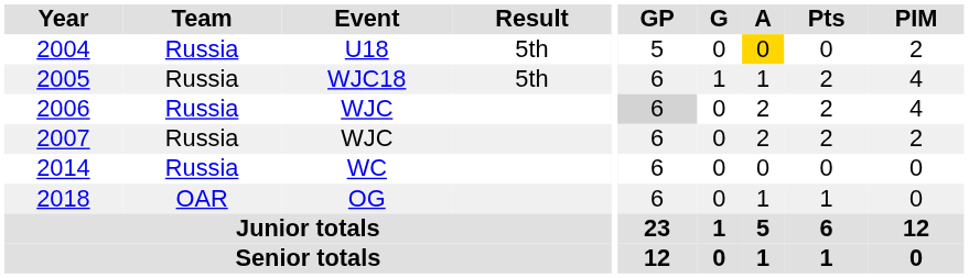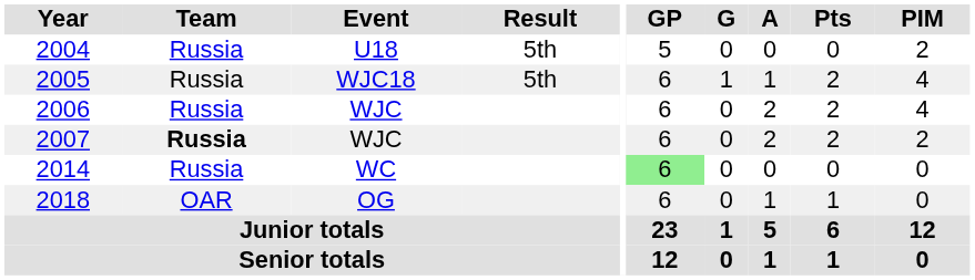 <table border="0" cellpadding="1" cellspacing="0" ID="Table3" style="text-align:center; width:40em">
 <tr ALIGN="center" bgcolor="#e0e0e0">
 <th>Year</th>
 <th>Team</th>
 <th>Event</th>
 <th>Result</th>
 <th rowspan="99" bgcolor="#ffffff"></th>
 <th>GP</th>
 <th>G</th>
 <th>A</th>
 <th>Pts</th>
 <th>PIM</th>
 </tr>
 <tr>
 <td><a href='#'>2004</a></td>
 <td><a href='#'>Russia</a></td>
 <td><a href='#'>U18</a></td>
 <td>5th</td>
 <td>5</td>
 <td>0</td>
-<td style="background: gold;">0</td>
+<td>0</td>
 <td>0</td>
 <td>2</td>
 </tr>
 <tr bgcolor="#f0f0f0">
 <td><a href='#'>2005</a></td>
 <td>Russia</td>
 <td><a href='#'>WJC18</a></td>
 <td>5th</td>
 <td>6</td>
 <td>1</td>
 <td>1</td>
 <td>2</td>
 <td>4</td>
 </tr>
 <tr>
 <td><a href='#'>2006</a></td>
 <td><a href='#'>Russia</a></td>
 <td><a href='#'>WJC</a></td>
 <td></td>
-<td style="background: lightgrey;">6</td>
+<td>6</td>
 <td>0</td>
 <td>2</td>
 <td>2</td>
 <td>4</td>
 </tr>
 <tr bgcolor="#f0f0f0">
 <td><a href='#'>2007</a></td>
-<td>Russia</td>
+<td><strong>Russia</strong></td>
 <td>WJC</td>
 <td></td>
 <td>6</td>
 <td>0</td>
 <td>2</td>
 <td>2</td>
 <td>2</td>
 </tr>
 <tr>
 <td><a href='#'>2014</a></td>
 <td><a href='#'>Russia</a></td>
 <td><a href='#'>WC</a></td>
 <td></td>
-<td>6</td>
+<td style="background: lightgreen;">6</td>
 <td>0</td>
 <td>0</td>
 <td>0</td>
 <td>0</td>
 </tr>
 <tr bgcolor="#f0f0f0">
 <td><a href='#'>2018</a></td>
 <td><a href='#'>OAR</a></td>
 <td><a href='#'>OG</a></td>
 <td></td>
 <td>6</td>
 <td>0</td>
 <td>1</td>
 <td>1</td>
 <td>0</td>
 </tr>
 <tr bgcolor="#e0e0e0">
 <th colspan="4">Junior totals</th>
 <th>23</th>
 <th>1</th>
 <th>5</th>
 <th>6</th>
 <th>12</th>
 </tr>
 <tr bgcolor="#e0e0e0">
 <th colspan="4">Senior totals</th>
 <th>12</th>
 <th>0</th>
 <th>1</th>
 <th>1</th>
 <th>0</th>
 </tr>
 </table>
